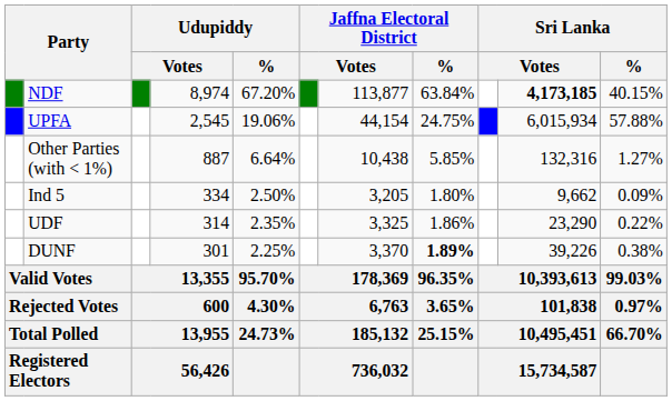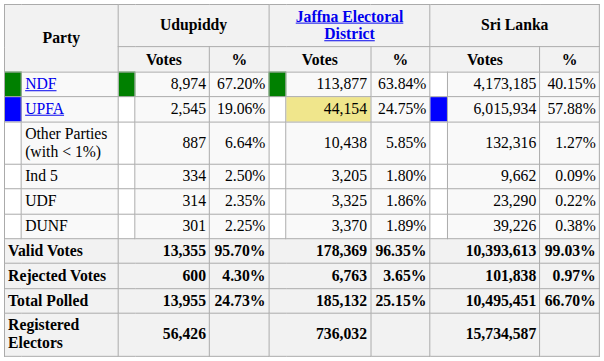 <table class="wikitable">
 <tr>
 <th colspan="2" width="144px"rowspan="2">Party</th>
 <th colspan="3" width="216px">Udupiddy</th>
 <th colspan="3" width="216px"><a href='#'>Jaffna Electoral District</a></th>
 <th colspan="3" width="216px">Sri Lanka</th>
 </tr>
 <tr>
 <th colspan="2" width="144px">Votes</th>
 <th>%</th>
 <th colspan="2" width="144px">Votes</th>
 <th>%</th>
 <th colspan="2" width="144px">Votes</th>
 <th>%</th>
 </tr>
 <tr>
 <td style="background-color:green;" width="10px"></td>
 <td style="text-align:left;"><a href='#'>NDF</a></td>
 <td style="background-color:green;" width="10px"></td>
 <td style="text-align:right;">8,974</td>
 <td style="text-align:right;">67.20%</td>
 <td style="background-color:green;" width="10px"></td>
 <td style="text-align:right;">113,877</td>
 <td style="text-align:right;">63.84%</td>
 <td style="background-color:white;" width="10px"></td>
-<td style="text-align:right;"><strong>4,173,185</strong></td>
+<td style="text-align:right;">4,173,185</td>
 <td style="text-align:right;">40.15%</td>
 </tr>
 <tr>
 <td style="background-color:blue;" width="10px"></td>
 <td style="text-align:left;"><a href='#'>UPFA</a></td>
 <td style="background-color:white;" width="10px"></td>
 <td style="text-align:right;">2,545</td>
 <td style="text-align:right;">19.06%</td>
 <td style="background-color:white;" width="10px"></td>
-<td style="text-align:right;">44,154</td>
+<td style="background: khaki; text-align:right;">44,154</td>
 <td style="text-align:right;">24.75%</td>
 <td style="background-color:blue;" width="10px"></td>
 <td style="text-align:right;">6,015,934</td>
 <td style="text-align:right;">57.88%</td>
 </tr>
 <tr>
 <td style="background-color:white;" width="10px"></td>
 <td style="text-align:left;">Other Parties (with < 1%)</td>
 <td style="background-color:white;" width="10px"></td>
 <td style="text-align:right;">887</td>
 <td style="text-align:right;">6.64%</td>
 <td style="background-color:white;" width="10px"></td>
 <td style="text-align:right;">10,438</td>
 <td style="text-align:right;">5.85%</td>
 <td style="background-color:white;" width="10px"></td>
 <td style="text-align:right;">132,316</td>
 <td style="text-align:right;">1.27%</td>
 </tr>
 <tr>
 <td style="background-color:white;" width="10px"></td>
 <td style="text-align:left;">Ind 5</td>
 <td style="background-color:white;" width="10px"></td>
 <td style="text-align:right;">334</td>
 <td style="text-align:right;">2.50%</td>
 <td style="background-color:white;" width="10px"></td>
 <td style="text-align:right;">3,205</td>
 <td style="text-align:right;">1.80%</td>
 <td style="background-color:white;" width="10px"></td>
 <td style="text-align:right;">9,662</td>
 <td style="text-align:right;">0.09%</td>
 </tr>
 <tr>
 <td style="background-color:white;" width="10px"></td>
 <td style="text-align:left;">UDF</td>
 <td style="background-color:white;" width="10px"></td>
 <td style="text-align:right;">314</td>
 <td style="text-align:right;">2.35%</td>
 <td style="background-color:white;" width="10px"></td>
 <td style="text-align:right;">3,325</td>
 <td style="text-align:right;">1.86%</td>
 <td style="background-color:white;" width="10px"></td>
 <td style="text-align:right;">23,290</td>
 <td style="text-align:right;">0.22%</td>
 </tr>
 <tr>
 <td style="background-color:white;" width="10px"></td>
 <td style="text-align:left;">DUNF</td>
 <td style="background-color:white;" width="10px"></td>
 <td style="text-align:right;">301</td>
 <td style="text-align:right;">2.25%</td>
 <td style="background-color:white;" width="10px"></td>
 <td style="text-align:right;">3,370</td>
-<td style="text-align:right;"><strong>1.89%</strong></td>
+<td style="text-align:right;">1.89%</td>
 <td style="background-color:white;" width="10px"></td>
 <td style="text-align:right;">39,226</td>
 <td style="text-align:right;">0.38%</td>
 </tr>
 <tr>
 <th colspan="2" width="144px"style="text-align:left;">Valid Votes</th>
 <th style="text-align:right;"colspan="2" width="144px">13,355</th>
 <th style="text-align:right;">95.70%</th>
 <th style="text-align:right;"colspan="2" width="144px">178,369</th>
 <th style="text-align:right;">96.35%</th>
 <th style="text-align:right;"colspan="2" width="144px">10,393,613</th>
 <th style="text-align:right;">99.03%</th>
 </tr>
 <tr>
 <th colspan="2" width="144px"style="text-align:left;">Rejected Votes</th>
 <th style="text-align:right;"colspan="2" width="144px">600</th>
 <th style="text-align:right;">4.30%</th>
 <th style="text-align:right;"colspan="2" width="144px">6,763</th>
 <th style="text-align:right;">3.65%</th>
 <th style="text-align:right;"colspan="2" width="144px">101,838</th>
 <th style="text-align:right;">0.97%</th>
 </tr>
 <tr>
 <th colspan="2" width="144px"style="text-align:left;">Total Polled</th>
 <th style="text-align:right;"colspan="2" width="144px">13,955</th>
 <th style="text-align:right;">24.73%</th>
 <th style="text-align:right;"colspan="2" width="144px">185,132</th>
 <th style="text-align:right;">25.15%</th>
 <th style="text-align:right;"colspan="2" width="144px">10,495,451</th>
 <th style="text-align:right;">66.70%</th>
 </tr>
 <tr>
 <th colspan="2" width="144px"style="text-align:left;">Registered Electors</th>
 <th style="text-align:right;"colspan="2" width="144px">56,426</th>
 <th></th>
 <th style="text-align:right;"colspan="2" width="144px">736,032</th>
 <th></th>
 <th style="text-align:right;"colspan="2" width="144px">15,734,587</th>
 <th></th>
 </tr>
 </table>
